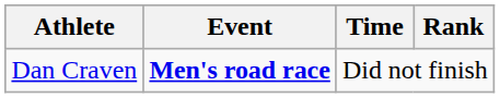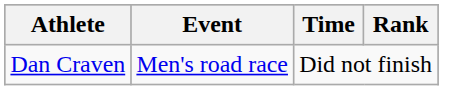 <table class="wikitable" style="font-size:90%">
 <tr>
 <th>Athlete</th>
 <th>Event</th>
 <th>Time</th>
 <th>Rank</th>
 </tr>
 <tr align=center>
 <td align=left><a href='#'>Dan Craven</a></td>
-<td align=left><strong><a href='#'>Men's road race</a></strong></td>
+<td align=left><a href='#'>Men's road race</a></td>
 <td colspan=2>Did not finish</td>
 </tr>
 </table>
